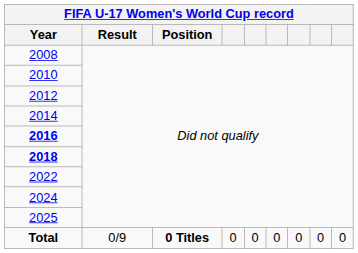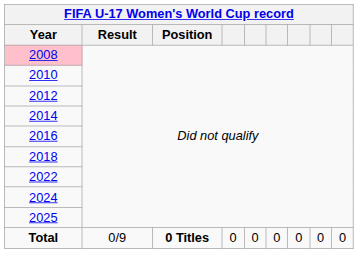 <table class="wikitable" style="text-align: center;">
 <tr>
 <th colspan="9"><a href='#'>FIFA U-17 Women's World Cup record</a></th>
 </tr>
 <tr>
 <th width="90">Year</th>
 <th width="80">Result</th>
 <th width="80">Position</th>
 <th width="20"></th>
 <th width="20"></th>
 <th width="20"></th>
 <th width="20"></th>
 <th width="20"></th>
 <th width="20"></th>
 </tr>
 <tr>
-<td> <a href='#'>2008</a></td>
+<td style="background: pink;"> <a href='#'>2008</a></td>
 <td rowspan=9 colspan=8><em>Did not qualify</em></td>
 </tr>
 <tr>
 <td> <a href='#'>2010</a></td>
 </tr>
 <tr>
 <td> <a href='#'>2012</a></td>
 </tr>
 <tr>
 <td> <a href='#'>2014</a></td>
 </tr>
 <tr>
-<td><strong> <a href='#'>2016</a></strong></td>
+<td> <a href='#'>2016</a></td>
 </tr>
 <tr>
-<td><strong> <a href='#'>2018</a></strong></td>
+<td> <a href='#'>2018</a></td>
 </tr>
 <tr>
 <td> <a href='#'>2022</a></td>
 </tr>
 <tr>
 <td> <a href='#'>2024</a></td>
 </tr>
 <tr>
 <td> <a href='#'>2025</a></td>
 </tr>
 <tr>
 <td><strong>Total</strong></td>
 <td>0/9</td>
 <td><strong>0 Titles</strong></td>
 <td>0</td>
 <td>0</td>
 <td>0</td>
 <td>0</td>
 <td>0</td>
 <td>0</td>
 </tr>
 </table>
